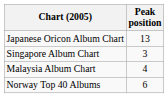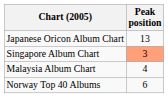 <table class="wikitable">
 <tr>
 <th align="left">Chart (2005)</th>
 <th align="left">Peak<br>position</th>
 </tr>
 <tr>
 <td align="left">Japanese Oricon Album Chart</td>
 <td style="text-align:center;">13</td>
 </tr>
 <tr>
 <td align="left">Singapore Album Chart</td>
-<td style="text-align:center;">3</td>
+<td style="background: lightsalmon; text-align:center;">3</td>
 </tr>
 <tr>
 <td align="left">Malaysia Album Chart</td>
 <td style="text-align:center;">4</td>
 </tr>
 <tr>
 <td align="left">Norway Top 40 Albums</td>
 <td style="text-align:center;">6</td>
 </tr>
 </table>
